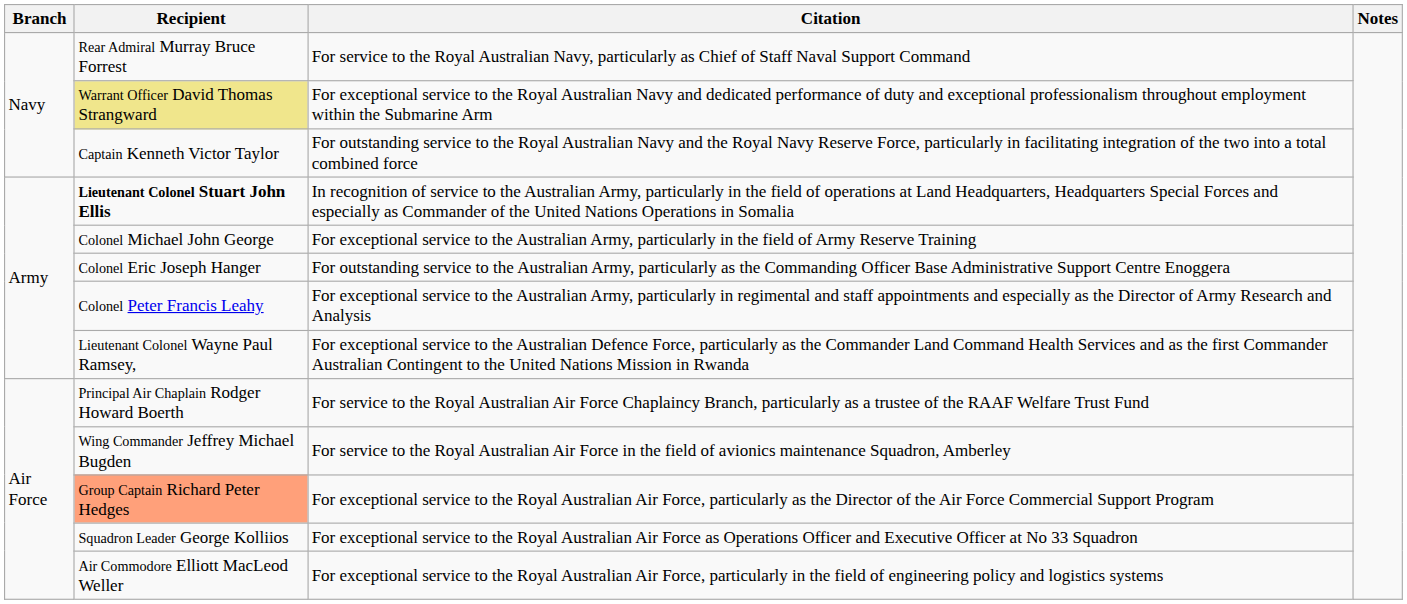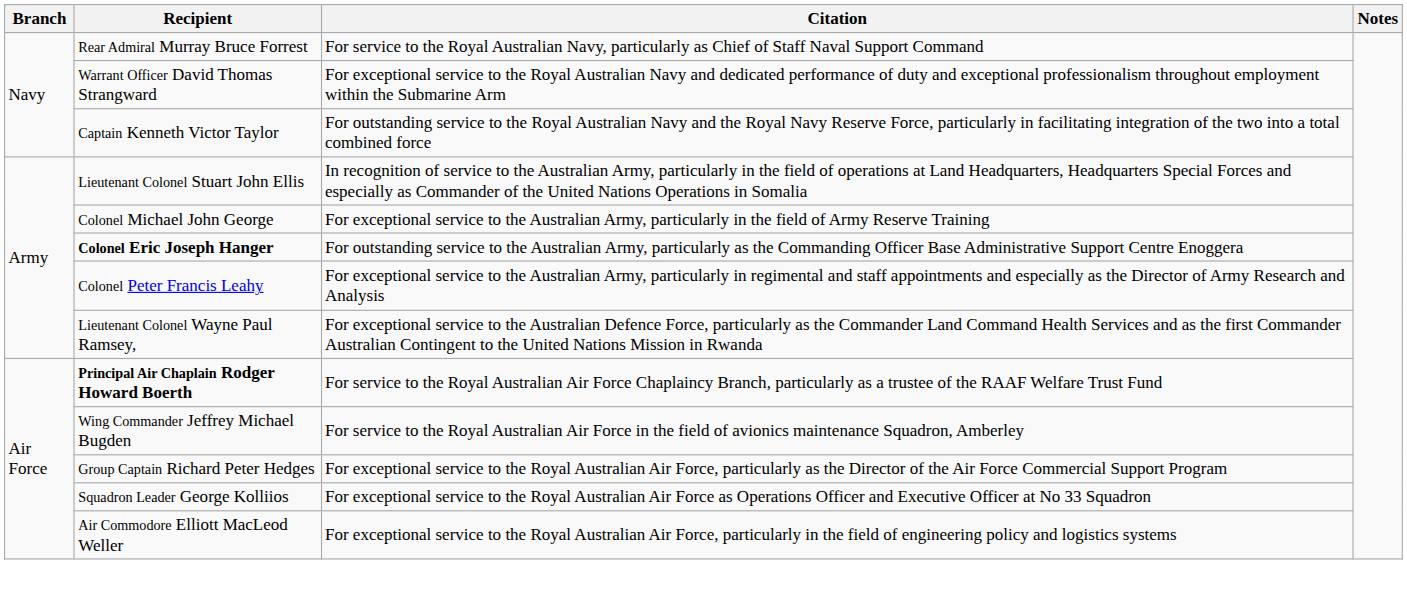 <table class="wikitable" style="font-size:95%;">
 <tr>
 <th>Branch</th>
 <th>Recipient</th>
 <th>Citation</th>
 <th>Notes</th>
 </tr>
 <tr>
 <td rowspan="3">Navy</td>
 <td><small>Rear Admiral</small> Murray Bruce Forrest</td>
 <td>For service to the Royal Australian Navy, particularly as Chief of Staff Naval Support Command</td>
 <td rowspan="13"></td>
 </tr>
 <tr>
-<td style="background: khaki;"><small>Warrant Officer</small> David Thomas Strangward</td>
+<td><small>Warrant Officer</small> David Thomas Strangward</td>
 <td>For exceptional service to the Royal Australian Navy and dedicated performance of duty and exceptional professionalism throughout employment within the Submarine Arm</td>
 </tr>
 <tr>
 <td><small>Captain</small> Kenneth Victor Taylor</td>
 <td>For outstanding service to the Royal Australian Navy and the Royal Navy Reserve Force, particularly in facilitating integration of the two into a total combined force</td>
 </tr>
 <tr>
 <td rowspan="5">Army</td>
-<td><strong><small>Lieutenant Colonel</small> Stuart John Ellis</strong></td>
+<td><small>Lieutenant Colonel</small> Stuart John Ellis</td>
 <td>In recognition of service to the Australian Army, particularly in the field of operations at Land Headquarters, Headquarters Special Forces and especially as Commander of the United Nations Operations in Somalia</td>
 </tr>
 <tr>
 <td><small>Colonel</small> Michael John George</td>
 <td>For exceptional service to the Australian Army, particularly in the field of Army Reserve Training</td>
 </tr>
 <tr>
-<td><small>Colonel</small> Eric Joseph Hanger</td>
+<td><strong><small>Colonel</small> Eric Joseph Hanger</strong></td>
 <td>For outstanding service to the Australian Army, particularly as the Commanding Officer Base Administrative Support Centre Enoggera</td>
 </tr>
 <tr>
 <td><small>Colonel</small> <a href='#'>Peter Francis Leahy</a></td>
 <td>For exceptional service to the Australian Army, particularly in regimental and staff appointments and especially as the Director of Army Research and Analysis</td>
 </tr>
 <tr>
 <td><small>Lieutenant Colonel</small> Wayne Paul Ramsey, </td>
 <td>For exceptional service to the Australian Defence Force, particularly as the Commander Land Command Health Services and as the first Commander Australian Contingent to the United Nations Mission in Rwanda</td>
 </tr>
 <tr>
 <td rowspan="5">Air Force</td>
-<td><small>Principal Air Chaplain</small> Rodger Howard Boerth</td>
+<td><strong><small>Principal Air Chaplain</small> Rodger Howard Boerth</strong></td>
 <td>For service to the Royal Australian Air Force Chaplaincy Branch, particularly as a trustee of the RAAF Welfare Trust Fund</td>
 </tr>
 <tr>
 <td><small>Wing Commander</small> Jeffrey Michael Bugden</td>
 <td>For service to the Royal Australian Air Force in the field of avionics maintenance Squadron, Amberley</td>
 </tr>
 <tr>
-<td style="background: lightsalmon;"><small>Group Captain</small> Richard Peter Hedges</td>
+<td><small>Group Captain</small> Richard Peter Hedges</td>
 <td>For exceptional service to the Royal Australian Air Force, particularly as the Director of the Air Force Commercial Support Program</td>
 </tr>
 <tr>
 <td><small>Squadron Leader</small> George Kolliios</td>
 <td>For exceptional service to the Royal Australian Air Force as Operations Officer and Executive Officer at No 33 Squadron</td>
 </tr>
 <tr>
 <td><small>Air Commodore</small> Elliott MacLeod Weller</td>
 <td>For exceptional service to the Royal Australian Air Force, particularly in the field of engineering policy and logistics systems</td>
 </tr>
 </table>
